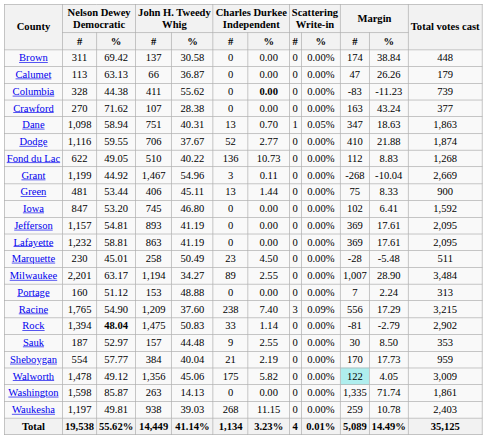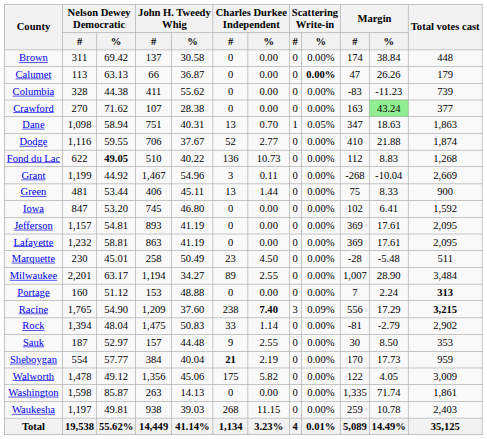 <table class="wikitable sortable" style="text-align:center">
 <tr>
 <th rowspan="2" style="text-align:center;">County</th>
 <th colspan="2" style="text-align:center;">Nelson Dewey<br>Democratic</th>
 <th colspan="2" style="text-align:center;">John H. Tweedy<br>Whig</th>
 <th colspan="2" style="text-align:center;">Charles Durkee<br>Independent</th>
 <th colspan="2" style="text-align:center;">Scattering<br>Write-in</th>
 <th colspan="2" style="text-align:center;">Margin</th>
 <th rowspan="2" style="text-align:center;">Total votes cast</th>
 </tr>
 <tr>
 <th style="text-align:center;" data-sort-type="number">#</th>
 <th style="text-align:center;" data-sort-type="number">%</th>
 <th style="text-align:center;" data-sort-type="number">#</th>
 <th style="text-align:center;" data-sort-type="number">%</th>
 <th style="text-align:center;" data-sort-type="number">#</th>
 <th style="text-align:center;" data-sort-type="number">%</th>
 <th style="text-align:center;" data-sort-type="number">#</th>
 <th style="text-align:center;" data-sort-type="number">%</th>
 <th style="text-align:center;" data-sort-type="number">#</th>
 <th style="text-align:center;" data-sort-type="number">%</th>
 </tr>
 <tr style="text-align:center;">
 <td><a href='#'>Brown</a></td>
 <td>311</td>
 <td>69.42</td>
 <td>137</td>
 <td>30.58</td>
 <td>0</td>
 <td>0.00</td>
 <td>0</td>
 <td>0.00%</td>
 <td>174</td>
 <td>38.84</td>
 <td>448</td>
 </tr>
 <tr style="text-align:center;">
 <td><a href='#'>Calumet</a></td>
 <td>113</td>
 <td>63.13</td>
 <td>66</td>
 <td>36.87</td>
 <td>0</td>
 <td>0.00</td>
 <td>0</td>
-<td>0.00%</td>
+<td><strong>0.00%</strong></td>
 <td>47</td>
 <td>26.26</td>
 <td>179</td>
 </tr>
 <tr style="text-align:center;">
 <td><a href='#'>Columbia</a></td>
 <td>328</td>
 <td>44.38</td>
 <td>411</td>
 <td>55.62</td>
 <td>0</td>
-<td><strong>0.00</strong></td>
+<td>0.00</td>
 <td>0</td>
 <td>0.00%</td>
 <td>-83</td>
 <td>-11.23</td>
 <td>739</td>
 </tr>
 <tr style="text-align:center;">
 <td><a href='#'>Crawford</a></td>
 <td>270</td>
 <td>71.62</td>
 <td>107</td>
 <td>28.38</td>
 <td>0</td>
 <td>0.00</td>
 <td>0</td>
 <td>0.00%</td>
 <td>163</td>
-<td>43.24</td>
+<td style="background: lightgreen;">43.24</td>
 <td>377</td>
 </tr>
 <tr style="text-align:center;">
 <td><a href='#'>Dane</a></td>
 <td>1,098</td>
 <td>58.94</td>
 <td>751</td>
 <td>40.31</td>
 <td>13</td>
 <td>0.70</td>
 <td>1</td>
 <td>0.05%</td>
 <td>347</td>
 <td>18.63</td>
 <td>1,863</td>
 </tr>
 <tr style="text-align:center;">
 <td><a href='#'>Dodge</a></td>
 <td>1,116</td>
 <td>59.55</td>
 <td>706</td>
 <td>37.67</td>
 <td>52</td>
 <td>2.77</td>
 <td>0</td>
 <td>0.00%</td>
 <td>410</td>
 <td>21.88</td>
 <td>1,874</td>
 </tr>
 <tr style="text-align:center;">
 <td><a href='#'>Fond du Lac</a></td>
 <td>622</td>
-<td>49.05</td>
+<td><strong>49.05</strong></td>
 <td>510</td>
 <td>40.22</td>
 <td>136</td>
 <td>10.73</td>
 <td>0</td>
 <td>0.00%</td>
 <td>112</td>
 <td>8.83</td>
 <td>1,268</td>
 </tr>
 <tr style="text-align:center;">
 <td><a href='#'>Grant</a></td>
 <td>1,199</td>
 <td>44.92</td>
 <td>1,467</td>
 <td>54.96</td>
 <td>3</td>
 <td>0.11</td>
 <td>0</td>
 <td>0.00%</td>
 <td>-268</td>
 <td>-10.04</td>
 <td>2,669</td>
 </tr>
 <tr style="text-align:center;">
 <td><a href='#'>Green</a></td>
 <td>481</td>
 <td>53.44</td>
 <td>406</td>
 <td>45.11</td>
 <td>13</td>
 <td>1.44</td>
 <td>0</td>
 <td>0.00%</td>
 <td>75</td>
 <td>8.33</td>
 <td>900</td>
 </tr>
 <tr style="text-align:center;">
 <td><a href='#'>Iowa</a></td>
 <td>847</td>
 <td>53.20</td>
 <td>745</td>
 <td>46.80</td>
 <td>0</td>
 <td>0.00</td>
 <td>0</td>
 <td>0.00%</td>
 <td>102</td>
 <td>6.41</td>
 <td>1,592</td>
 </tr>
 <tr style="text-align:center;">
 <td><a href='#'>Jefferson</a></td>
 <td>1,157</td>
 <td>54.81</td>
 <td>893</td>
 <td>41.19</td>
 <td>0</td>
 <td>0.00</td>
 <td>0</td>
 <td>0.00%</td>
 <td>369</td>
 <td>17.61</td>
 <td>2,095</td>
 </tr>
 <tr style="text-align:center;">
 <td><a href='#'>Lafayette</a></td>
 <td>1,232</td>
 <td>58.81</td>
 <td>863</td>
 <td>41.19</td>
 <td>0</td>
 <td>0.00</td>
 <td>0</td>
 <td>0.00%</td>
 <td>369</td>
 <td>17.61</td>
 <td>2,095</td>
 </tr>
 <tr style="text-align:center;">
 <td><a href='#'>Marquette</a></td>
 <td>230</td>
 <td>45.01</td>
 <td>258</td>
 <td>50.49</td>
 <td>23</td>
 <td>4.50</td>
 <td>0</td>
 <td>0.00%</td>
 <td>-28</td>
 <td>-5.48</td>
 <td>511</td>
 </tr>
 <tr style="text-align:center;">
 <td><a href='#'>Milwaukee</a></td>
 <td>2,201</td>
 <td>63.17</td>
 <td>1,194</td>
 <td>34.27</td>
 <td>89</td>
 <td>2.55</td>
 <td>0</td>
 <td>0.00%</td>
 <td>1,007</td>
 <td>28.90</td>
 <td>3,484</td>
 </tr>
 <tr style="text-align:center;">
 <td><a href='#'>Portage</a></td>
 <td>160</td>
 <td>51.12</td>
 <td>153</td>
 <td>48.88</td>
 <td>0</td>
 <td>0.00</td>
 <td>0</td>
 <td>0.00%</td>
 <td>7</td>
 <td>2.24</td>
-<td>313</td>
+<td><strong>313</strong></td>
 </tr>
 <tr style="text-align:center;">
 <td><a href='#'>Racine</a></td>
 <td>1,765</td>
 <td>54.90</td>
 <td>1,209</td>
 <td>37.60</td>
 <td>238</td>
-<td>7.40</td>
+<td><strong>7.40</strong></td>
 <td>3</td>
 <td>0.09%</td>
 <td>556</td>
 <td>17.29</td>
-<td>3,215</td>
+<td><strong>3,215</strong></td>
 </tr>
 <tr style="text-align:center;">
 <td><a href='#'>Rock</a></td>
 <td>1,394</td>
-<td><strong>48.04</strong></td>
+<td>48.04</td>
 <td>1,475</td>
 <td>50.83</td>
 <td>33</td>
 <td>1.14</td>
 <td>0</td>
 <td>0.00%</td>
 <td>-81</td>
 <td>-2.79</td>
 <td>2,902</td>
 </tr>
 <tr style="text-align:center;">
 <td><a href='#'>Sauk</a></td>
 <td>187</td>
 <td>52.97</td>
 <td>157</td>
 <td>44.48</td>
 <td>9</td>
 <td>2.55</td>
 <td>0</td>
 <td>0.00%</td>
 <td>30</td>
 <td>8.50</td>
 <td>353</td>
 </tr>
 <tr style="text-align:center;">
 <td><a href='#'>Sheboygan</a></td>
 <td>554</td>
 <td>57.77</td>
 <td>384</td>
 <td>40.04</td>
-<td>21</td>
+<td><strong>21</strong></td>
 <td>2.19</td>
 <td>0</td>
 <td>0.00%</td>
 <td>170</td>
 <td>17.73</td>
 <td>959</td>
 </tr>
 <tr style="text-align:center;">
 <td><a href='#'>Walworth</a></td>
 <td>1,478</td>
 <td>49.12</td>
 <td>1,356</td>
 <td>45.06</td>
 <td>175</td>
 <td>5.82</td>
 <td>0</td>
 <td>0.00%</td>
-<td style="background: paleturquoise;">122</td>
+<td>122</td>
 <td>4.05</td>
 <td>3,009</td>
 </tr>
 <tr style="text-align:center;">
 <td><a href='#'>Washington</a></td>
 <td>1,598</td>
 <td>85.87</td>
 <td>263</td>
 <td>14.13</td>
 <td>0</td>
 <td>0.00</td>
 <td>0</td>
 <td>0.00%</td>
 <td>1,335</td>
 <td>71.74</td>
 <td>1,861</td>
 </tr>
 <tr style="text-align:center;">
 <td><a href='#'>Waukesha</a></td>
 <td>1,197</td>
 <td>49.81</td>
 <td>938</td>
 <td>39.03</td>
 <td>268</td>
 <td>11.15</td>
 <td>0</td>
 <td>0.00%</td>
 <td>259</td>
 <td>10.78</td>
 <td>2,403</td>
 </tr>
 <tr>
 <th>Total</th>
 <th>19,538</th>
 <th>55.62%</th>
 <th>14,449</th>
 <th>41.14%</th>
 <th>1,134</th>
 <th>3.23%</th>
 <th>4</th>
 <th>0.01%</th>
 <th>5,089</th>
 <th>14.49%</th>
 <th>35,125</th>
 </tr>
 </table>
